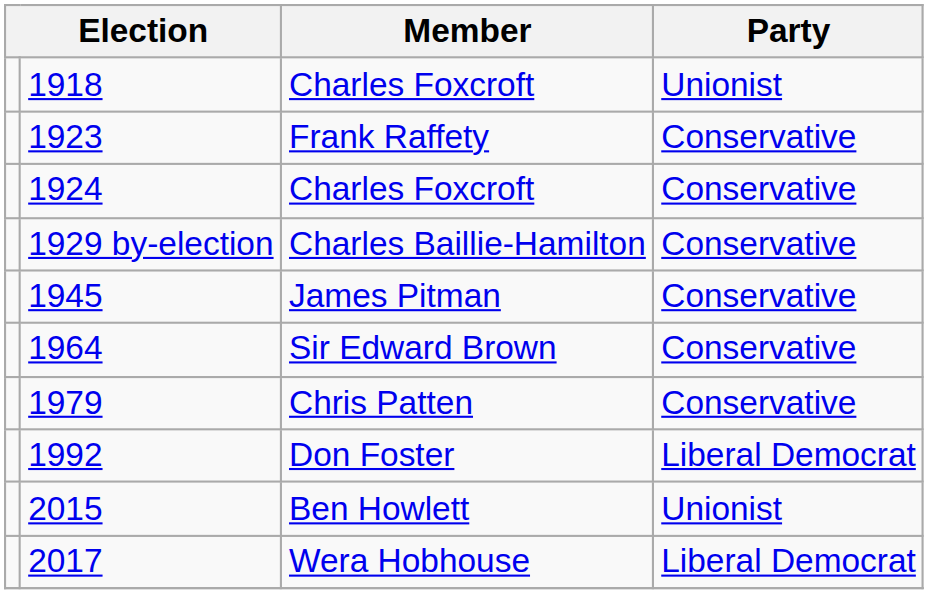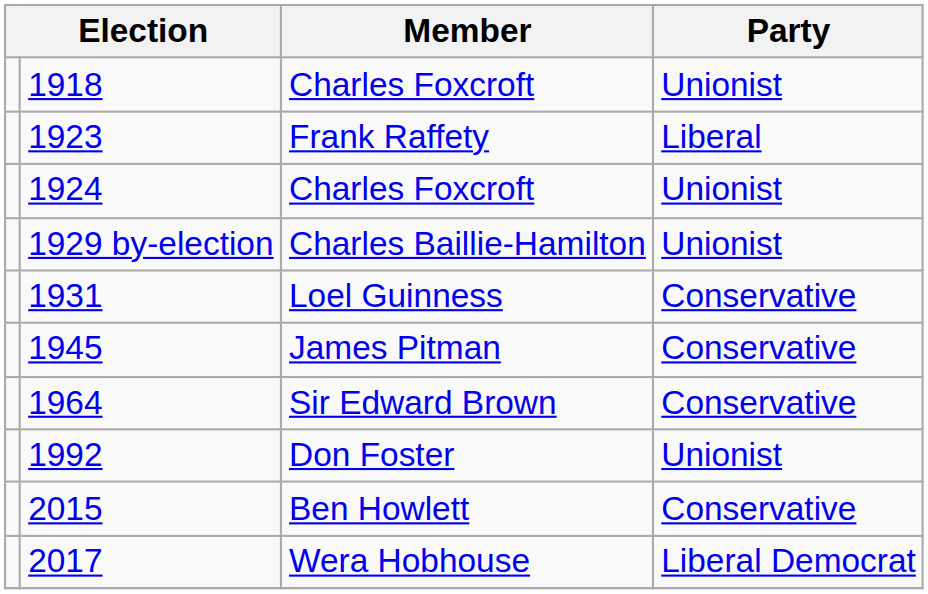 <table class="wikitable">
 <tr>
 <th colspan="2">Election</th>
 <th>Member</th>
 <th>Party</th>
 </tr>
 <tr>
 <td style="color:inherit;background-color: "></td>
 <td><a href='#'>1918</a></td>
 <td><a href='#'>Charles Foxcroft</a></td>
 <td><a href='#'>Unionist</a></td>
 </tr>
 <tr>
 <td style="color:inherit;background-color: "></td>
 <td><a href='#'>1923</a></td>
 <td><a href='#'>Frank Raffety</a></td>
-<td><a href='#'>Conservative</a></td>
+<td><a href='#'>Liberal</a></td>
 </tr>
 <tr>
 <td style="color:inherit;background-color: "></td>
 <td><a href='#'>1924</a></td>
 <td><a href='#'>Charles Foxcroft</a></td>
-<td><a href='#'>Conservative</a></td>
+<td><a href='#'>Unionist</a></td>
 </tr>
 <tr>
 <td style="color:inherit;background-color: "></td>
 <td><a href='#'>1929 by-election</a></td>
 <td><a href='#'>Charles Baillie-Hamilton</a></td>
+<td><a href='#'>Unionist</a></td>
+</tr>
+<tr>
+<td style="color:inherit;background-color: "></td>
+<td><a href='#'>1931</a></td>
+<td><a href='#'>Loel Guinness</a></td>
 <td><a href='#'>Conservative</a></td>
 </tr>
 <tr>
 <td style="color:inherit;background-color: "></td>
 <td><a href='#'>1945</a></td>
 <td><a href='#'>James Pitman</a></td>
 <td><a href='#'>Conservative</a></td>
 </tr>
 <tr>
 <td style="color:inherit;background-color: "></td>
 <td><a href='#'>1964</a></td>
 <td><a href='#'>Sir Edward Brown</a></td>
 <td><a href='#'>Conservative</a></td>
 </tr>
 <tr>
 <td style="color:inherit;background-color: "></td>
-<td><a href='#'>1979</a></td>
-<td><a href='#'>Chris Patten</a></td>
-<td><a href='#'>Conservative</a></td>
-</tr>
-<tr>
-<td style="color:inherit;background-color: "></td>
 <td><a href='#'>1992</a></td>
 <td><a href='#'>Don Foster</a></td>
-<td><a href='#'>Liberal Democrat</a></td>
+<td><a href='#'>Unionist</a></td>
 </tr>
 <tr>
 <td style="color:inherit;background-color: "></td>
 <td><a href='#'>2015</a></td>
 <td><a href='#'>Ben Howlett</a></td>
-<td><a href='#'>Unionist</a></td>
+<td><a href='#'>Conservative</a></td>
 </tr>
 <tr>
 <td style="color:inherit;background-color: "></td>
 <td><a href='#'>2017</a></td>
 <td><a href='#'>Wera Hobhouse</a></td>
 <td><a href='#'>Liberal Democrat</a></td>
 </tr>
 <tr>
 </tr>
 </table>
